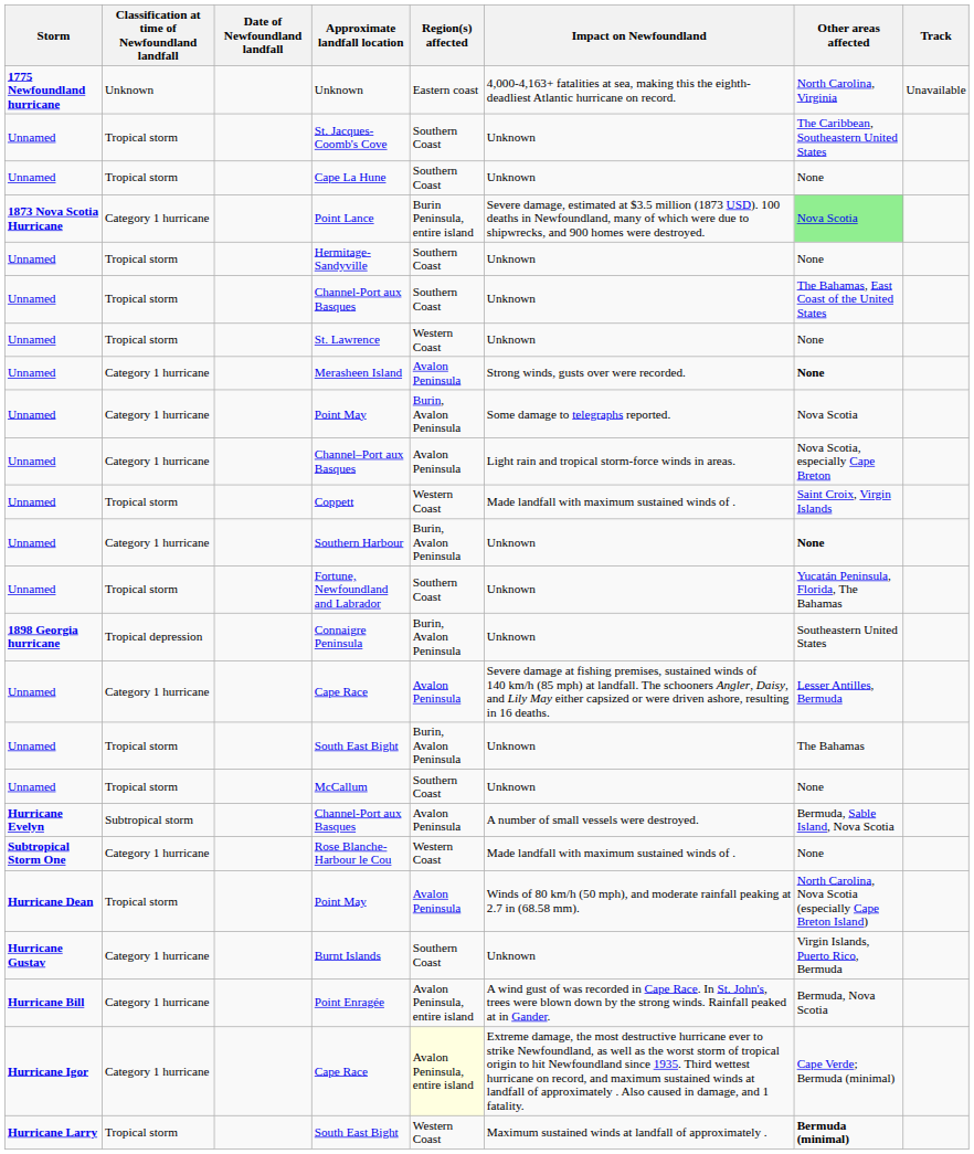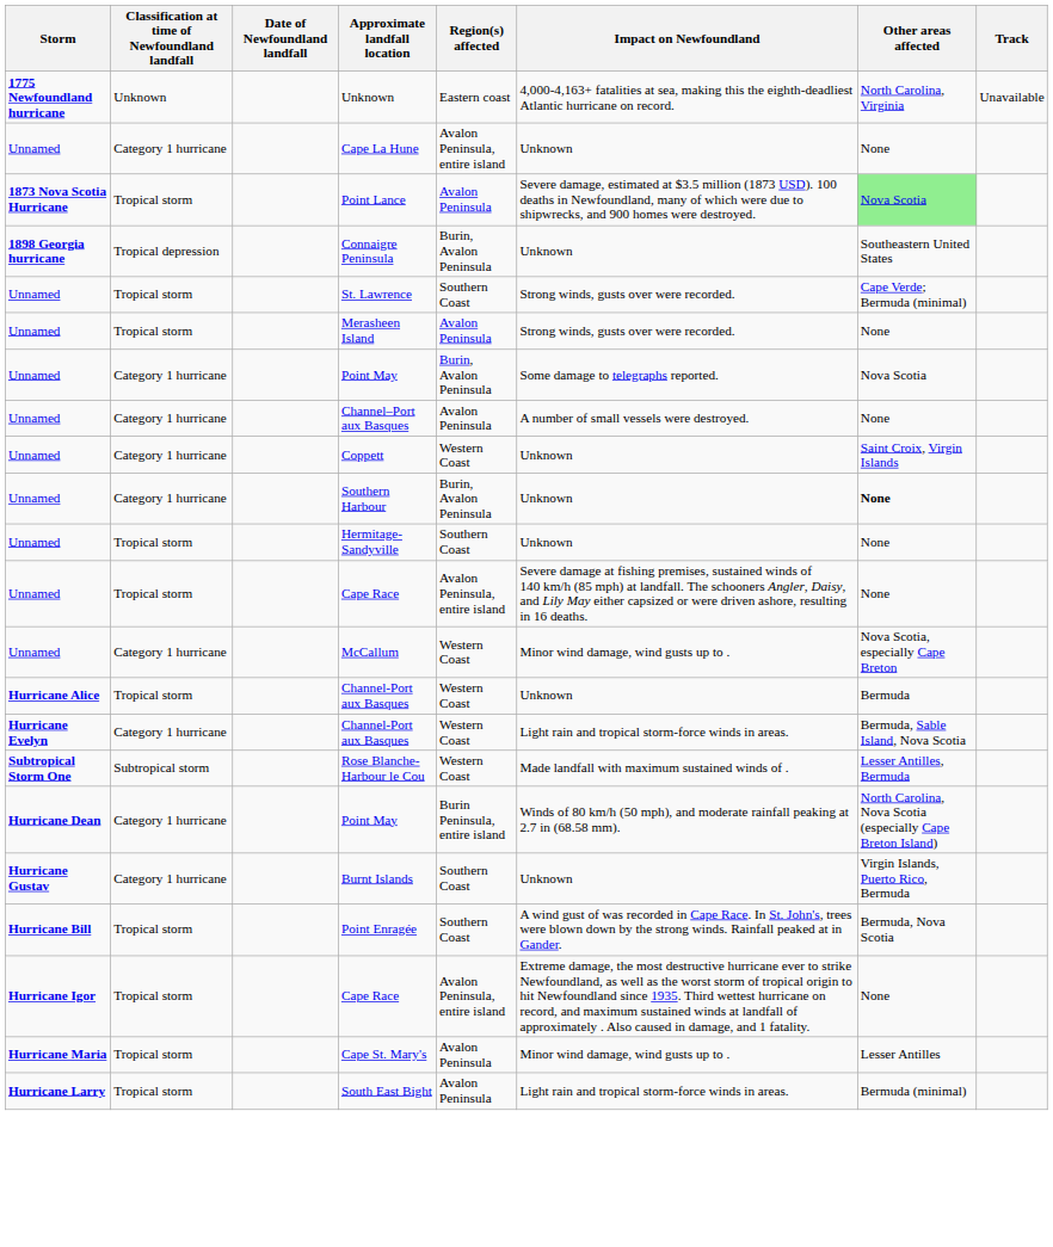 <table class="wikitable">
 <tr>
 <th>Storm</th>
 <th>Classification at time of Newfoundland landfall</th>
 <th>Date of Newfoundland landfall</th>
 <th>Approximate landfall location</th>
 <th>Region(s) affected</th>
 <th>Impact on Newfoundland</th>
 <th>Other areas affected</th>
 <th>Track</th>
 </tr>
 <tr>
 <td><strong><a href='#'>1775 Newfoundland hurricane</a></strong></td>
 <td style="background: #">Unknown</td>
 <td></td>
 <td>Unknown</td>
 <td>Eastern coast</td>
 <td>4,000-4,163+ fatalities at sea, making this the eighth-deadliest Atlantic hurricane on record.</td>
 <td><a href='#'>North Carolina</a>, <a href='#'>Virginia</a></td>
 <td>Unavailable</td>
 </tr>
 <tr>
 <td><a href='#'>Unnamed</a></td>
-<td style="background: #">Tropical storm</td>
-<td></td>
-<td><a href='#'>St. Jacques-Coomb's Cove</a></td>
-<td>Southern Coast</td>
-<td>Unknown</td>
-<td><a href='#'>The Caribbean</a>, <a href='#'>Southeastern United States</a></td>
-<td></td>
-</tr>
-<tr>
-<td><a href='#'>Unnamed</a></td>
-<td style="background: #">Tropical storm</td>
+<td style="background: #">Category 1 hurricane</td>
 <td></td>
 <td><a href='#'>Cape La Hune</a></td>
-<td>Southern Coast</td>
+<td>Avalon Peninsula, entire island</td>
 <td>Unknown</td>
 <td>None</td>
 <td></td>
 </tr>
 <tr>
 <td><strong><a href='#'>1873 Nova Scotia Hurricane</a></strong></td>
-<td style="background: #">Category 1 hurricane</td>
+<td style="background: #">Tropical storm</td>
 <td></td>
 <td><a href='#'>Point Lance</a></td>
-<td>Burin Peninsula, entire island</td>
+<td><a href='#'>Avalon Peninsula</a></td>
 <td>Severe damage, estimated at $3.5 million (1873 <a href='#'>USD</a>). 100 deaths in Newfoundland, many of which were due to shipwrecks, and 900 homes were destroyed.</td>
 <td style="background: lightgreen;"><a href='#'>Nova Scotia</a></td>
 <td></td>
 </tr>
 <tr>
-<td><a href='#'>Unnamed</a></td>
-<td style="background: #">Tropical storm</td>
+<td><strong><a href='#'>1898 Georgia hurricane</a></strong></td>
+<td style="background: #">Tropical depression</td>
 <td></td>
-<td><a href='#'>Hermitage-Sandyville</a></td>
-<td>Southern Coast</td>
+<td><a href='#'>Connaigre Peninsula</a></td>
+<td>Burin, Avalon Peninsula</td>
 <td>Unknown</td>
-<td>None</td>
-<td></td>
-</tr>
-<tr>
-<td><a href='#'>Unnamed</a></td>
-<td style="background: #">Tropical storm</td>
-<td></td>
-<td><a href='#'>Channel-Port aux Basques</a></td>
-<td>Southern Coast</td>
-<td>Unknown</td>
-<td><a href='#'>The Bahamas</a>, <a href='#'>East Coast of the United States</a></td>
+<td>Southeastern United States</td>
 <td></td>
 </tr>
 <tr>
 <td><a href='#'>Unnamed</a></td>
 <td style="background: #">Tropical storm</td>
 <td></td>
 <td><a href='#'>St. Lawrence</a></td>
-<td>Western Coast</td>
-<td>Unknown</td>
-<td>None</td>
+<td>Southern Coast</td>
+<td>Strong winds, gusts over  were recorded.</td>
+<td><a href='#'>Cape Verde</a>; Bermuda (minimal)</td>
 <td></td>
 </tr>
 <tr>
 <td><a href='#'>Unnamed</a></td>
-<td style="background: #">Category 1 hurricane</td>
+<td style="background: #">Tropical storm</td>
 <td></td>
 <td><a href='#'>Merasheen Island</a></td>
 <td><a href='#'>Avalon Peninsula</a></td>
 <td>Strong winds, gusts over  were recorded.</td>
-<td><strong>None</strong></td>
+<td>None</td>
 <td></td>
 </tr>
 <tr>
 <td><a href='#'>Unnamed</a></td>
 <td style="background: #">Category 1 hurricane</td>
 <td></td>
 <td><a href='#'>Point May</a></td>
 <td><a href='#'>Burin</a>, Avalon Peninsula</td>
 <td>Some damage to <a href='#'>telegraphs</a> reported.</td>
 <td>Nova Scotia</td>
 <td></td>
 </tr>
 <tr>
 <td><a href='#'>Unnamed</a></td>
 <td style="background: #">Category 1 hurricane</td>
 <td></td>
 <td><a href='#'>Channel–Port aux Basques</a></td>
 <td>Avalon Peninsula</td>
-<td>Light rain and tropical storm-force winds in areas.</td>
-<td>Nova Scotia, especially <a href='#'>Cape Breton</a></td>
+<td>A number of small vessels were destroyed.</td>
+<td>None</td>
 <td></td>
 </tr>
 <tr>
 <td><a href='#'>Unnamed</a></td>
-<td style="background: #">Tropical storm</td>
+<td style="background: #">Category 1 hurricane</td>
 <td></td>
 <td><a href='#'>Coppett</a></td>
 <td>Western Coast</td>
-<td>Made landfall with maximum sustained winds of .</td>
+<td>Unknown</td>
 <td><a href='#'>Saint Croix</a>, <a href='#'>Virgin Islands</a></td>
 <td></td>
 </tr>
 <tr>
 <td><a href='#'>Unnamed</a></td>
 <td style="background: #">Category 1 hurricane</td>
 <td></td>
 <td><a href='#'>Southern Harbour</a></td>
 <td>Burin, Avalon Peninsula</td>
 <td>Unknown</td>
 <td><strong>None</strong></td>
 <td></td>
 </tr>
 <tr>
 <td><a href='#'>Unnamed</a></td>
 <td style="background: #">Tropical storm</td>
 <td></td>
-<td><a href='#'>Fortune, Newfoundland and Labrador</a></td>
+<td><a href='#'>Hermitage-Sandyville</a></td>
 <td>Southern Coast</td>
 <td>Unknown</td>
-<td><a href='#'>Yucatán Peninsula</a>, <a href='#'>Florida</a>, The Bahamas</td>
+<td>None</td>
 <td></td>
 </tr>
 <tr>
-<td><strong><a href='#'>1898 Georgia hurricane</a></strong></td>
-<td style="background: #">Tropical depression</td>
+<td><a href='#'>Unnamed</a></td>
+<td style="background: #">Tropical storm</td>
 <td></td>
-<td><a href='#'>Connaigre Peninsula</a></td>
-<td>Burin, Avalon Peninsula</td>
-<td>Unknown</td>
-<td>Southeastern United States</td>
+<td><a href='#'>Cape Race</a></td>
+<td>Avalon Peninsula, entire island</td>
+<td>Severe damage at fishing premises, sustained winds of 140 km/h (85 mph) at landfall. The schooners <em>Angler</em>, <em>Daisy</em>, and <em>Lily May</em> either capsized or were driven ashore, resulting in 16 deaths.</td>
+<td>None</td>
 <td></td>
 </tr>
 <tr>
 <td><a href='#'>Unnamed</a></td>
 <td style="background: #">Category 1 hurricane</td>
 <td></td>
-<td><a href='#'>Cape Race</a></td>
-<td><a href='#'>Avalon Peninsula</a></td>
-<td>Severe damage at fishing premises, sustained winds of 140 km/h (85 mph) at landfall. The schooners <em>Angler</em>, <em>Daisy</em>, and <em>Lily May</em> either capsized or were driven ashore, resulting in 16 deaths.</td>
-<td><a href='#'>Lesser Antilles</a>, <a href='#'>Bermuda</a></td>
+<td><a href='#'>McCallum</a></td>
+<td>Western Coast</td>
+<td>Minor wind damage, wind gusts up to .</td>
+<td>Nova Scotia, especially <a href='#'>Cape Breton</a></td>
 <td></td>
 </tr>
 <tr>
-<td><a href='#'>Unnamed</a></td>
+<td><strong><a href='#'>Hurricane Alice</a></strong></td>
 <td style="background: #">Tropical storm</td>
 <td></td>
-<td><a href='#'>South East Bight</a></td>
-<td>Burin, Avalon Peninsula</td>
+<td><a href='#'>Channel-Port aux Basques</a></td>
+<td>Western Coast</td>
 <td>Unknown</td>
-<td>The Bahamas</td>
-<td></td>
-</tr>
-<tr>
-<td><a href='#'>Unnamed</a></td>
-<td style="background: #">Tropical storm</td>
-<td></td>
-<td><a href='#'>McCallum</a></td>
-<td>Southern Coast</td>
-<td>Unknown</td>
-<td>None</td>
+<td>Bermuda</td>
 <td></td>
 </tr>
 <tr>
 <td><strong><a href='#'>Hurricane Evelyn</a></strong></td>
-<td style="background: #">Subtropical storm</td>
+<td style="background: #">Category 1 hurricane</td>
 <td></td>
 <td><a href='#'>Channel-Port aux Basques</a></td>
-<td>Avalon Peninsula</td>
-<td>A number of small vessels were destroyed.</td>
+<td>Western Coast</td>
+<td>Light rain and tropical storm-force winds in areas.</td>
 <td>Bermuda, <a href='#'>Sable Island</a>, Nova Scotia</td>
 <td></td>
 </tr>
 <tr>
 <td><strong><a href='#'>Subtropical Storm One</a></strong></td>
-<td style="background: #">Category 1 hurricane</td>
+<td style="background: #">Subtropical storm</td>
 <td></td>
 <td><a href='#'>Rose Blanche-Harbour le Cou</a></td>
 <td>Western Coast</td>
 <td>Made landfall with maximum sustained winds of .</td>
-<td>None</td>
+<td><a href='#'>Lesser Antilles</a>, <a href='#'>Bermuda</a></td>
 <td></td>
 </tr>
 <tr>
 <td><strong><a href='#'>Hurricane Dean</a></strong></td>
-<td style="background: #">Tropical storm</td>
+<td style="background: #">Category 1 hurricane</td>
 <td></td>
 <td><a href='#'>Point May</a></td>
-<td><a href='#'>Avalon Peninsula</a></td>
+<td>Burin Peninsula, entire island</td>
 <td>Winds of 80 km/h (50 mph), and moderate rainfall peaking at 2.7 in (68.58 mm).</td>
 <td><a href='#'>North Carolina</a>, Nova Scotia (especially <a href='#'>Cape Breton Island</a>)</td>
 <td></td>
 </tr>
 <tr>
 <td><strong><a href='#'>Hurricane Gustav</a></strong></td>
 <td style="background: #">Category 1 hurricane</td>
 <td></td>
 <td><a href='#'>Burnt Islands</a></td>
 <td>Southern Coast</td>
 <td>Unknown</td>
 <td>Virgin Islands, <a href='#'>Puerto Rico</a>, Bermuda</td>
 <td></td>
 </tr>
 <tr>
 <td><strong><a href='#'>Hurricane Bill</a></strong></td>
-<td style="background: #">Category 1 hurricane</td>
+<td style="background: #">Tropical storm</td>
 <td></td>
 <td><a href='#'>Point Enragée</a></td>
-<td>Avalon Peninsula, entire island</td>
+<td>Southern Coast</td>
 <td>A wind gust of  was recorded in <a href='#'>Cape Race</a>. In <a href='#'>St. John's</a>, trees were blown down by the strong winds. Rainfall peaked at  in <a href='#'>Gander</a>.</td>
 <td>Bermuda, Nova Scotia</td>
 <td></td>
 </tr>
 <tr>
 <td><strong><a href='#'>Hurricane Igor</a></strong></td>
-<td style="background: #">Category 1 hurricane</td>
+<td style="background: #">Tropical storm</td>
 <td></td>
 <td><a href='#'>Cape Race</a></td>
-<td style="background: lightyellow;">Avalon Peninsula, entire island</td>
+<td>Avalon Peninsula, entire island</td>
 <td>Extreme damage, the most destructive hurricane ever to strike Newfoundland, as well as the worst storm of tropical origin to hit Newfoundland since <a href='#'>1935</a>. Third wettest hurricane on record, and maximum sustained winds at landfall of approximately . Also caused  in damage, and 1 fatality.</td>
-<td><a href='#'>Cape Verde</a>; Bermuda (minimal)</td>
+<td>None</td>
+<td></td>
+</tr>
+<tr>
+<td><strong><a href='#'>Hurricane Maria</a></strong></td>
+<td style="background: #">Tropical storm</td>
+<td></td>
+<td><a href='#'>Cape St. Mary's</a></td>
+<td>Avalon Peninsula</td>
+<td>Minor wind damage, wind gusts up to .</td>
+<td>Lesser Antilles</td>
 <td></td>
 </tr>
 <tr>
 <td><strong><a href='#'>Hurricane Larry</a></strong></td>
 <td style="background: #">Tropical storm</td>
 <td></td>
 <td><a href='#'>South East Bight</a></td>
-<td>Western Coast</td>
-<td>Maximum sustained winds at landfall of approximately .</td>
-<td><strong>Bermuda (minimal)</strong></td>
+<td>Avalon Peninsula</td>
+<td>Light rain and tropical storm-force winds in areas.</td>
+<td>Bermuda (minimal)</td>
 <td></td>
 </tr>
 </table>
